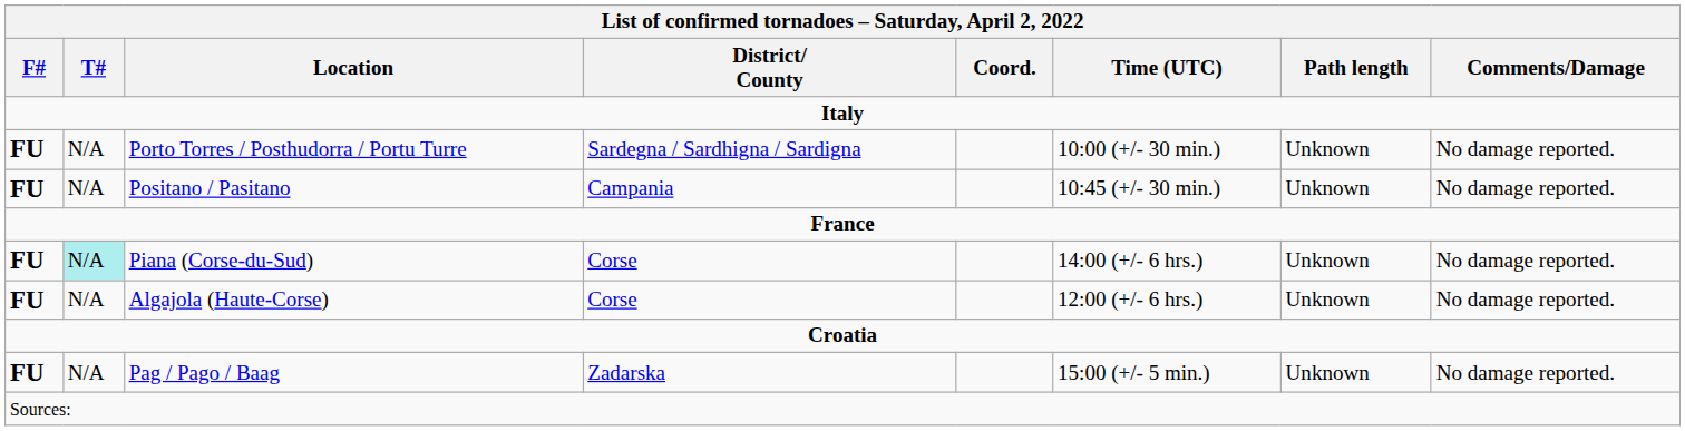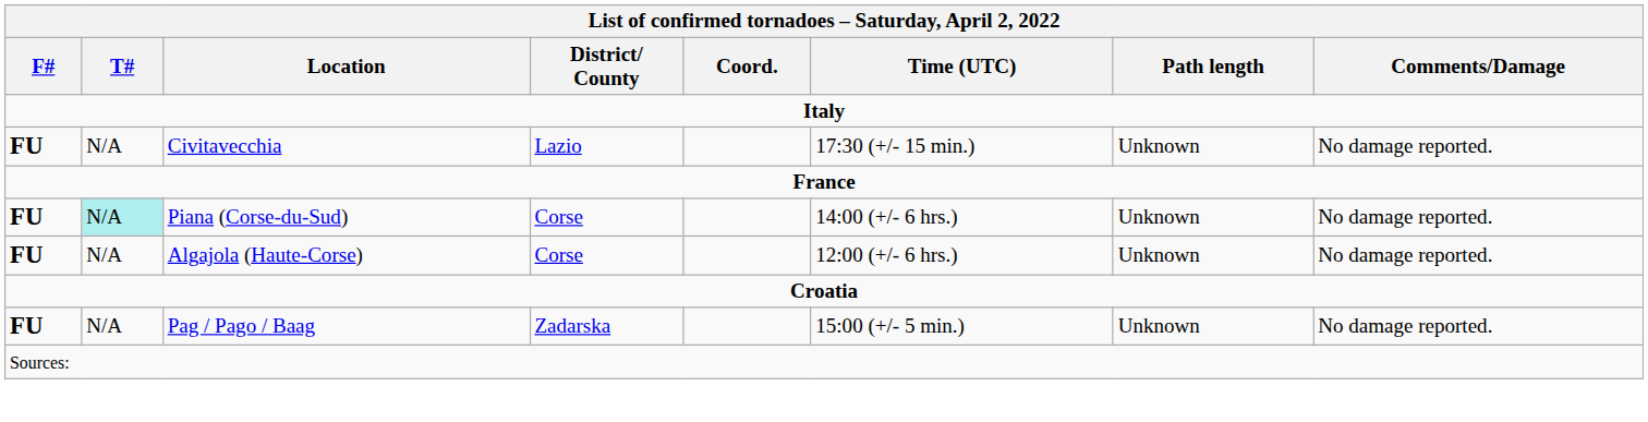 <table class="wikitable collapsible" width="100%">
 <tr>
 <th colspan="8">List of confirmed tornadoes – Saturday, April 2, 2022</th>
 </tr>
 <tr>
 <th><a href='#'>F#</a></th>
 <th><a href='#'>T#</a></th>
 <th>Location</th>
 <th>District/<br>County</th>
 <th>Coord.</th>
 <th>Time (UTC)</th>
 <th>Path length</th>
 <th>Comments/Damage</th>
 </tr>
 <tr>
 <td colspan="8" align=center><strong>Italy</strong></td>
 </tr>
 <tr>
 <td><big><strong>FU</strong></big></td>
 <td>N/A</td>
-<td><a href='#'>Porto Torres / Posthudorra / Portu Turre</a></td>
-<td><a href='#'>Sardegna / Sardhigna / Sardigna</a></td>
+<td><a href='#'>Civitavecchia</a></td>
+<td><a href='#'>Lazio</a></td>
 <td></td>
-<td>10:00 (+/- 30 min.)</td>
-<td>Unknown</td>
-<td>No damage reported.</td>
-</tr>
-<tr>
-<td><big><strong>FU</strong></big></td>
-<td>N/A</td>
-<td><a href='#'>Positano / Pasitano</a></td>
-<td><a href='#'>Campania</a></td>
-<td></td>
-<td>10:45 (+/- 30 min.)</td>
+<td>17:30 (+/- 15 min.)</td>
 <td>Unknown</td>
 <td>No damage reported.</td>
 </tr>
 <tr>
 <td colspan="8" align=center><strong>France</strong></td>
 </tr>
 <tr>
 <td><big><strong>FU</strong></big></td>
 <td style="background: paleturquoise;">N/A</td>
 <td><a href='#'>Piana</a> (<a href='#'>Corse-du-Sud</a>)</td>
 <td><a href='#'>Corse</a></td>
 <td></td>
 <td>14:00 (+/- 6 hrs.)</td>
 <td>Unknown</td>
 <td>No damage reported.</td>
 </tr>
 <tr>
 <td><big><strong>FU</strong></big></td>
 <td>N/A</td>
 <td><a href='#'>Algajola</a> (<a href='#'>Haute-Corse</a>)</td>
 <td><a href='#'>Corse</a></td>
 <td></td>
 <td>12:00 (+/- 6 hrs.)</td>
 <td>Unknown</td>
 <td>No damage reported.</td>
 </tr>
 <tr>
 <td colspan="8" align=center><strong>Croatia</strong></td>
 </tr>
 <tr>
 <td><big><strong>FU</strong></big></td>
 <td>N/A</td>
 <td><a href='#'>Pag / Pago / Baag</a></td>
 <td><a href='#'>Zadarska</a></td>
 <td></td>
 <td>15:00 (+/- 5 min.)</td>
 <td>Unknown</td>
 <td>No damage reported.</td>
 </tr>
 <tr>
 <td colspan="8"><small>Sources:  </small></td>
 </tr>
 </table>
